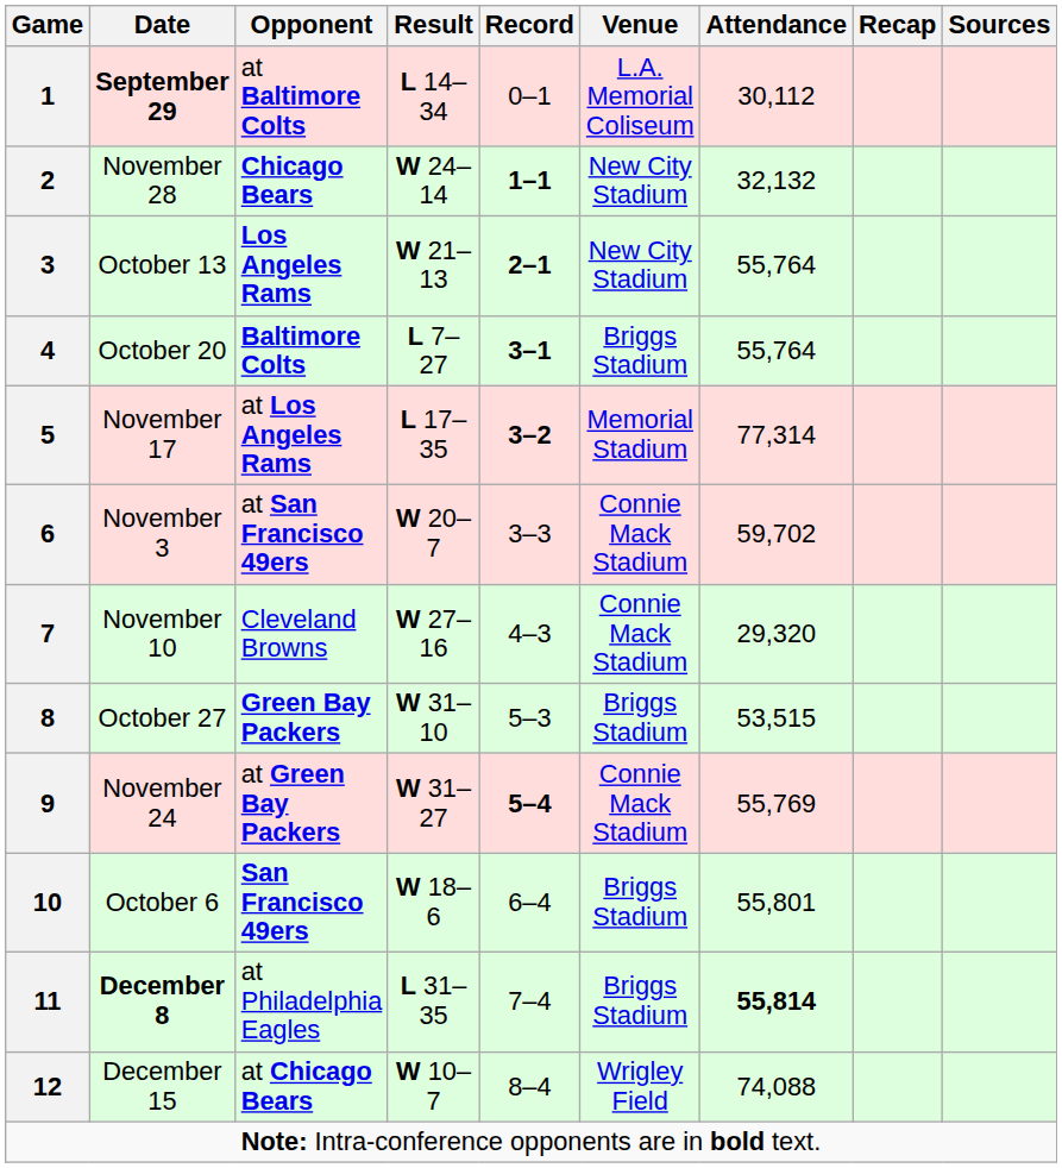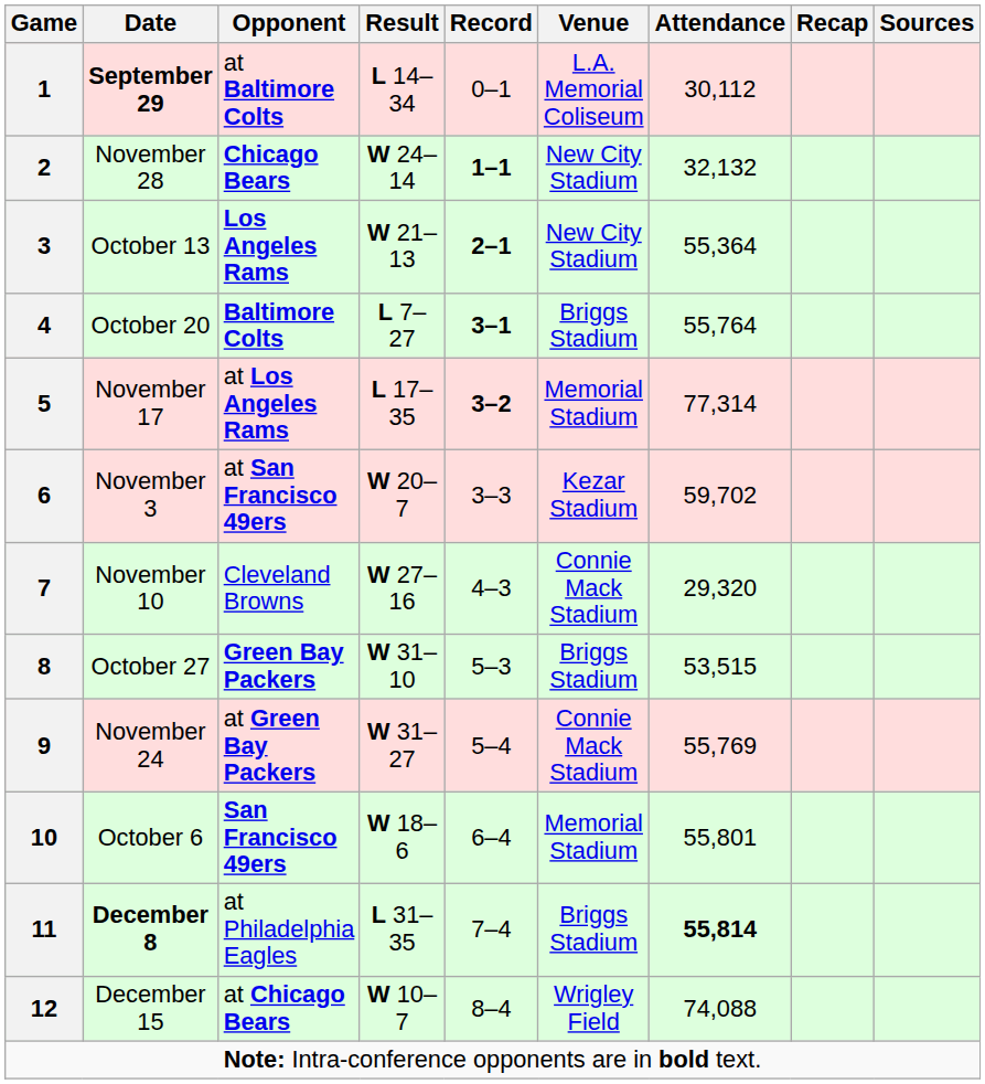 <table class="wikitable" style="text-align:center">
 <tr>
 <th>Game</th>
 <th>Date</th>
 <th>Opponent</th>
 <th>Result</th>
 <th>Record</th>
 <th>Venue</th>
 <th>Attendance</th>
 <th>Recap</th>
 <th>Sources</th>
 </tr>
 <tr style="background: #ffdddd;">
 <th>1</th>
 <td><strong>September 29</strong></td>
 <td style="text-align: left;">at <strong><a href='#'>Baltimore Colts</a></strong></td>
 <td><strong>L</strong> 14–34</td>
 <td>0–1</td>
 <td><a href='#'>L.A. Memorial Coliseum</a></td>
 <td>30,112</td>
 <td></td>
 <td></td>
 </tr>
 <tr style="background: #ddffdd;">
 <th>2</th>
 <td>November 28</td>
 <td style="text-align: left;"><strong><a href='#'>Chicago Bears</a></strong></td>
 <td><strong>W</strong> 24–14</td>
 <td><strong>1–1</strong></td>
 <td><a href='#'>New City Stadium</a></td>
 <td>32,132</td>
 <td></td>
 <td></td>
 </tr>
 <tr style="background: #ddffdd;">
 <th>3</th>
 <td>October 13</td>
 <td style="text-align: left;"><strong><a href='#'>Los Angeles Rams</a></strong></td>
 <td><strong>W</strong> 21–13</td>
 <td><strong>2–1</strong></td>
 <td><a href='#'>New City Stadium</a></td>
-<td>55,764</td>
+<td>55,364</td>
 <td></td>
 <td></td>
 </tr>
 <tr style="background: #ddffdd;">
 <th>4</th>
 <td>October 20</td>
 <td style="text-align: left;"><strong><a href='#'>Baltimore Colts</a></strong></td>
 <td><strong>L</strong> 7–27</td>
 <td><strong>3–1</strong></td>
 <td><a href='#'>Briggs Stadium</a></td>
 <td>55,764</td>
 <td></td>
 <td></td>
 </tr>
 <tr style="background: #ffdddd;">
 <th>5</th>
 <td>November 17</td>
 <td style="text-align: left;">at <strong><a href='#'>Los Angeles Rams</a></strong></td>
 <td><strong>L</strong> 17–35</td>
 <td><strong>3–2</strong></td>
 <td><a href='#'>Memorial Stadium</a></td>
 <td>77,314</td>
 <td></td>
 <td></td>
 </tr>
 <tr style="background: #ffdddd;">
 <th>6</th>
 <td>November 3</td>
 <td style="text-align: left;">at <strong><a href='#'>San Francisco 49ers</a></strong></td>
 <td><strong>W</strong> 20–7</td>
 <td>3–3</td>
-<td><a href='#'>Connie Mack Stadium</a></td>
+<td><a href='#'>Kezar Stadium</a></td>
 <td>59,702</td>
 <td></td>
 <td></td>
 </tr>
 <tr style="background: #ddffdd;">
 <th>7</th>
 <td>November 10</td>
 <td style="text-align: left;"><a href='#'>Cleveland Browns</a></td>
 <td><strong>W</strong> 27–16</td>
 <td>4–3</td>
 <td><a href='#'>Connie Mack Stadium</a></td>
 <td>29,320</td>
 <td></td>
 <td></td>
 </tr>
 <tr style="background: #ddffdd;">
 <th>8</th>
 <td>October 27</td>
 <td style="text-align: left;"><strong><a href='#'>Green Bay Packers</a></strong></td>
 <td><strong>W</strong> 31–10</td>
 <td>5–3</td>
 <td><a href='#'>Briggs Stadium</a></td>
 <td>53,515</td>
 <td></td>
 <td></td>
 </tr>
 <tr style="background: #ffdddd;">
 <th>9</th>
 <td>November 24</td>
 <td style="text-align: left;">at <strong><a href='#'>Green Bay Packers</a></strong></td>
 <td><strong>W</strong> 31–27</td>
-<td><strong>5–4</strong></td>
+<td>5–4</td>
 <td><a href='#'>Connie Mack Stadium</a></td>
 <td>55,769</td>
 <td></td>
 <td></td>
 </tr>
 <tr style="background: #ddffdd;">
 <th>10</th>
 <td>October 6</td>
 <td style="text-align: left;"><strong><a href='#'>San Francisco 49ers</a></strong></td>
 <td><strong>W</strong> 18–6</td>
 <td>6–4</td>
-<td><a href='#'>Briggs Stadium</a></td>
+<td><a href='#'>Memorial Stadium</a></td>
 <td>55,801</td>
 <td></td>
 <td></td>
 </tr>
 <tr style="background: #ddffdd;">
 <th>11</th>
 <td><strong>December 8</strong></td>
 <td style="text-align: left;">at <a href='#'>Philadelphia Eagles</a></td>
 <td><strong>L</strong> 31–35</td>
 <td>7–4</td>
 <td><a href='#'>Briggs Stadium</a></td>
 <td><strong>55,814</strong></td>
 <td></td>
 <td></td>
 </tr>
 <tr style="background: #ddffdd;">
 <th>12</th>
 <td>December 15</td>
 <td style="text-align: left;">at <strong><a href='#'>Chicago Bears</a></strong></td>
 <td><strong>W</strong> 10–7</td>
 <td>8–4</td>
 <td><a href='#'>Wrigley Field</a></td>
 <td>74,088</td>
 <td></td>
 <td></td>
 </tr>
 <tr>
 <td colspan="10"><strong>Note:</strong> Intra-conference opponents are in <strong>bold</strong> text.</td>
 </tr>
 </table>
